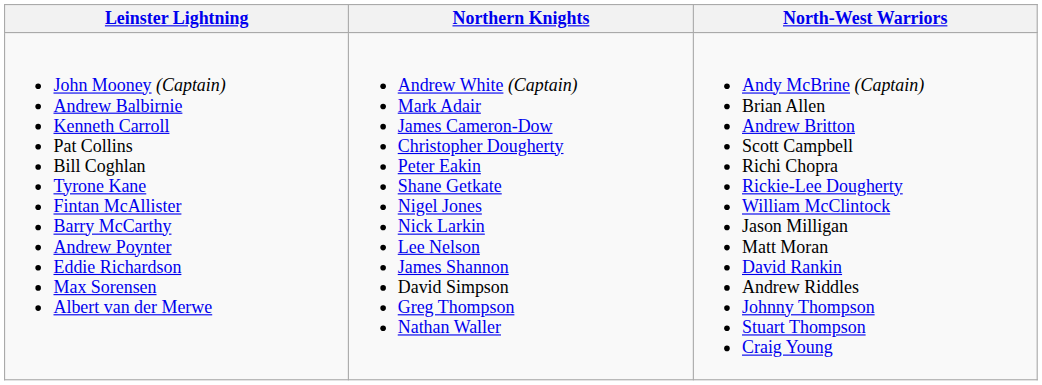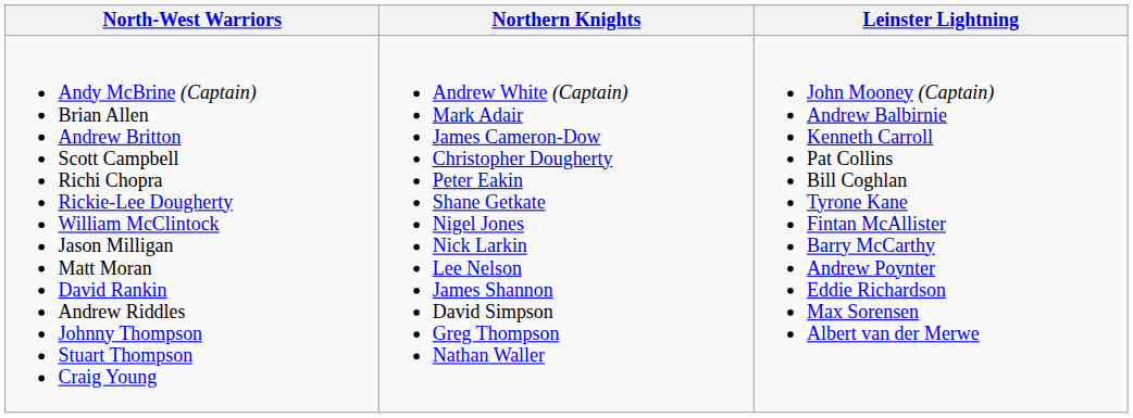 <table class="wikitable">
 <tr>
+<th width=300><a href='#'>North-West Warriors</a></th>
+<th width=300><a href='#'>Northern Knights</a></th>
 <th width=300><a href='#'>Leinster Lightning</a></th>
-<th width=300><a href='#'>Northern Knights</a></th>
-<th width=300><a href='#'>North-West Warriors</a></th>
 </tr>
 <tr>
+<td valign=top><br><ul><li><a href='#'>Andy McBrine</a> <em>(Captain)</em></li><li>Brian Allen</li><li><a href='#'>Andrew Britton</a></li><li>Scott Campbell</li><li>Richi Chopra</li><li><a href='#'>Rickie-Lee Dougherty</a></li><li><a href='#'>William McClintock</a></li><li>Jason Milligan</li><li>Matt Moran</li><li><a href='#'>David Rankin</a></li><li>Andrew Riddles</li><li><a href='#'>Johnny Thompson</a></li><li><a href='#'>Stuart Thompson</a></li><li><a href='#'>Craig Young</a></li></ul></td>
+<td valign=top><br><ul><li><a href='#'>Andrew White</a> <em>(Captain)</em></li><li><a href='#'>Mark Adair</a></li><li><a href='#'>James Cameron-Dow</a></li><li><a href='#'>Christopher Dougherty</a></li><li><a href='#'>Peter Eakin</a></li><li><a href='#'>Shane Getkate</a></li><li><a href='#'>Nigel Jones</a></li><li><a href='#'>Nick Larkin</a></li><li><a href='#'>Lee Nelson</a></li><li><a href='#'>James Shannon</a></li><li>David Simpson</li><li><a href='#'>Greg Thompson</a></li><li><a href='#'>Nathan Waller</a></li></ul></td>
 <td valign=top><br><ul><li><a href='#'>John Mooney</a> <em>(Captain)</em></li><li><a href='#'>Andrew Balbirnie</a></li><li><a href='#'>Kenneth Carroll</a></li><li>Pat Collins</li><li>Bill Coghlan</li><li><a href='#'>Tyrone Kane</a></li><li><a href='#'>Fintan McAllister</a></li><li><a href='#'>Barry McCarthy</a></li><li><a href='#'>Andrew Poynter</a></li><li><a href='#'>Eddie Richardson</a></li><li><a href='#'>Max Sorensen</a></li><li><a href='#'>Albert van der Merwe</a></li></ul></td>
-<td valign=top><br><ul><li><a href='#'>Andrew White</a> <em>(Captain)</em></li><li><a href='#'>Mark Adair</a></li><li><a href='#'>James Cameron-Dow</a></li><li><a href='#'>Christopher Dougherty</a></li><li><a href='#'>Peter Eakin</a></li><li><a href='#'>Shane Getkate</a></li><li><a href='#'>Nigel Jones</a></li><li><a href='#'>Nick Larkin</a></li><li><a href='#'>Lee Nelson</a></li><li><a href='#'>James Shannon</a></li><li>David Simpson</li><li><a href='#'>Greg Thompson</a></li><li><a href='#'>Nathan Waller</a></li></ul></td>
-<td valign=top><br><ul><li><a href='#'>Andy McBrine</a> <em>(Captain)</em></li><li>Brian Allen</li><li><a href='#'>Andrew Britton</a></li><li>Scott Campbell</li><li>Richi Chopra</li><li><a href='#'>Rickie-Lee Dougherty</a></li><li><a href='#'>William McClintock</a></li><li>Jason Milligan</li><li>Matt Moran</li><li><a href='#'>David Rankin</a></li><li>Andrew Riddles</li><li><a href='#'>Johnny Thompson</a></li><li><a href='#'>Stuart Thompson</a></li><li><a href='#'>Craig Young</a></li></ul></td>
 </tr>
 </table>
